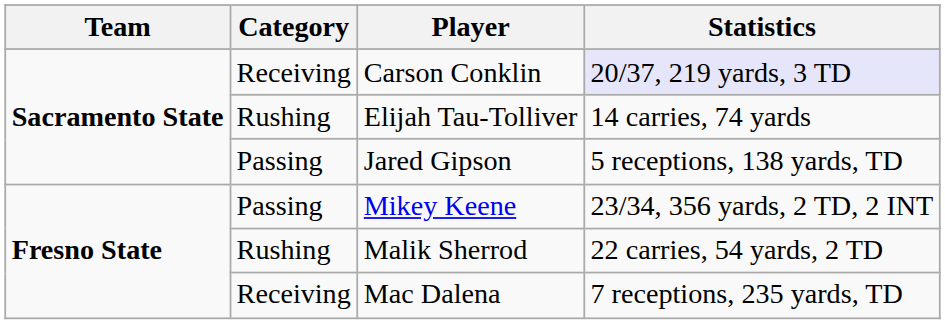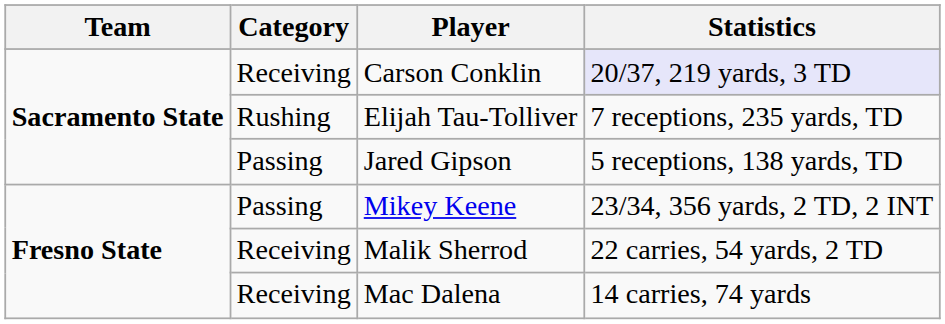 <table class="wikitable" style="float: right;">
 <tr>
 <th>Team</th>
 <th>Category</th>
 <th>Player</th>
 <th>Statistics</th>
 </tr>
 <tr>
 <td rowspan=3><strong>Sacramento State</strong></td>
 <td>Receiving</td>
 <td>Carson Conklin</td>
 <td style="background: lavender;">20/37, 219 yards, 3 TD</td>
 </tr>
 <tr>
 <td>Rushing</td>
 <td>Elijah Tau-Tolliver</td>
-<td>14 carries, 74 yards</td>
+<td>7 receptions, 235 yards, TD</td>
 </tr>
 <tr>
 <td>Passing</td>
 <td>Jared Gipson</td>
 <td>5 receptions, 138 yards, TD</td>
 </tr>
 <tr>
 <td rowspan=3><strong>Fresno State</strong></td>
 <td>Passing</td>
 <td><a href='#'>Mikey Keene</a></td>
 <td>23/34, 356 yards, 2 TD, 2 INT</td>
 </tr>
 <tr>
-<td>Rushing</td>
+<td>Receiving</td>
 <td>Malik Sherrod</td>
 <td>22 carries, 54 yards, 2 TD</td>
 </tr>
 <tr>
 <td>Receiving</td>
 <td>Mac Dalena</td>
-<td>7 receptions, 235 yards, TD</td>
+<td>14 carries, 74 yards</td>
 </tr>
 </table>
